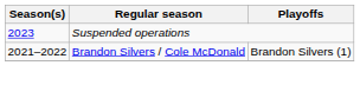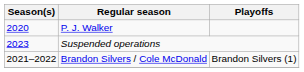 <table class="wikitable">
 <tr>
 <th>Season(s)</th>
 <th>Regular season</th>
 <th>Playoffs</th>
+</tr>
+<tr>
+<td><a href='#'>2020</a></td>
+<td><a href='#'>P. J. Walker</a> </td>
+<td></td>
 </tr>
 <tr>
 <td><a href='#'>2023</a></td>
 <td colspan="2"><em>Suspended operations</em></td>
 </tr>
 <tr>
 <td>2021–2022</td>
 <td><a href='#'>Brandon Silvers</a>  / <a href='#'>Cole McDonald</a> </td>
 <td>Brandon Silvers (1)</td>
 </tr>
 <tr>
 </tr>
 </table>
